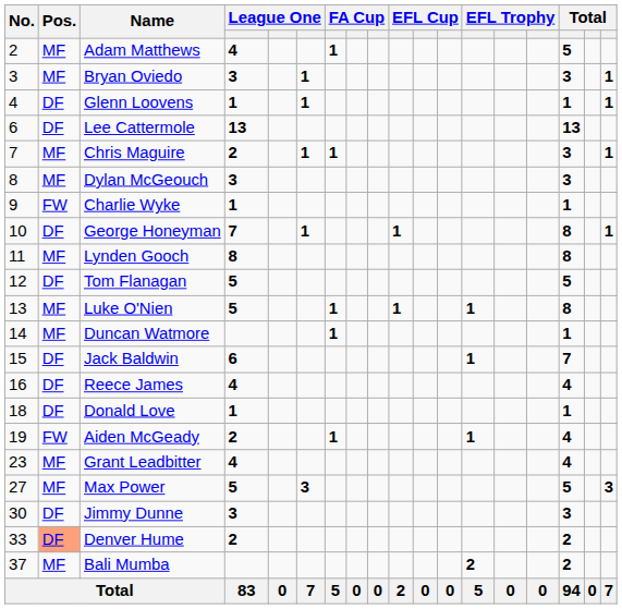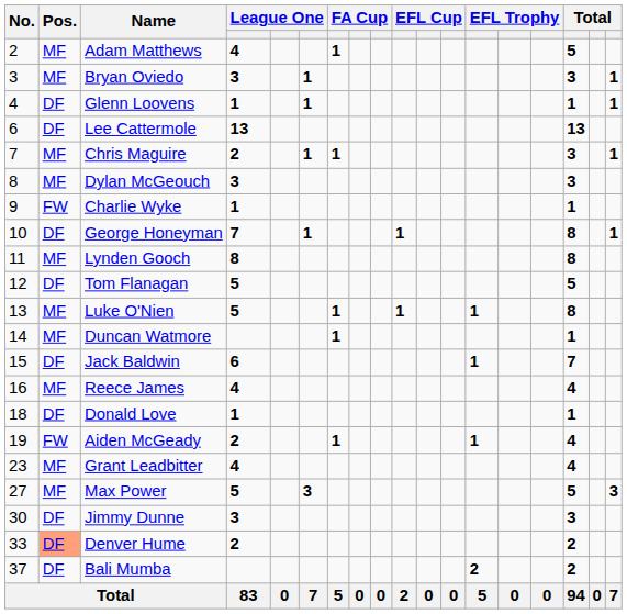 <table class="wikitable sortable" style="90% text-align: center">
 <tr>
 <th rowspan="2">No.</th>
 <th rowspan="2">Pos.</th>
 <th rowspan="2">Name</th>
 <th colspan="3"><a href='#'>League One</a></th>
 <th colspan="3"><a href='#'>FA Cup</a></th>
 <th colspan="3"><a href='#'>EFL Cup</a></th>
 <th colspan="3"><a href='#'>EFL Trophy</a></th>
 <th colspan="3">Total</th>
 </tr>
 <tr>
 <th></th>
 <th></th>
 <th></th>
 <th></th>
 <th></th>
 <th></th>
 <th></th>
 <th></th>
 <th></th>
 <th></th>
 <th></th>
 <th></th>
 <th></th>
 <th></th>
 <th></th>
 </tr>
 <tr>
 <td>2</td>
 <td><a href='#'>MF</a></td>
 <td><a href='#'>Adam Matthews</a></td>
 <td><strong>4</strong></td>
 <td><strong></strong></td>
 <td><strong></strong></td>
 <td><strong>1</strong></td>
 <td><strong></strong></td>
 <td><strong></strong></td>
 <td><strong></strong></td>
 <td><strong></strong></td>
 <td><strong></strong></td>
 <td><strong></strong></td>
 <td><strong></strong></td>
 <td><strong></strong></td>
 <td><strong>5</strong></td>
 <td><strong></strong></td>
 <td><strong> </strong></td>
 </tr>
 <tr>
 <td>3</td>
 <td><a href='#'>MF</a></td>
 <td><a href='#'>Bryan Oviedo</a></td>
 <td><strong>3</strong></td>
 <td><strong></strong></td>
 <td><strong>1</strong></td>
 <td><strong></strong></td>
 <td><strong></strong></td>
 <td><strong></strong></td>
 <td><strong></strong></td>
 <td><strong></strong></td>
 <td><strong></strong></td>
 <td><strong></strong></td>
 <td><strong></strong></td>
 <td><strong></strong></td>
 <td><strong>3</strong></td>
 <td><strong></strong></td>
 <td><strong>1</strong></td>
 </tr>
 <tr>
 <td>4</td>
 <td><a href='#'>DF</a></td>
 <td><a href='#'>Glenn Loovens</a></td>
 <td><strong>1</strong></td>
 <td><strong></strong></td>
 <td><strong>1</strong></td>
 <td><strong></strong></td>
 <td><strong></strong></td>
 <td><strong></strong></td>
 <td><strong></strong></td>
 <td><strong></strong></td>
 <td><strong></strong></td>
 <td><strong></strong></td>
 <td><strong></strong></td>
 <td><strong></strong></td>
 <td><strong>1</strong></td>
 <td><strong></strong></td>
 <td><strong>1</strong></td>
 </tr>
 <tr>
 <td>6</td>
 <td><a href='#'>DF</a></td>
 <td><a href='#'>Lee Cattermole</a></td>
 <td><strong>13</strong></td>
 <td><strong></strong></td>
 <td><strong></strong></td>
 <td><strong></strong></td>
 <td><strong></strong></td>
 <td><strong></strong></td>
 <td><strong></strong></td>
 <td><strong></strong></td>
 <td><strong></strong></td>
 <td><strong></strong></td>
 <td><strong></strong></td>
 <td><strong></strong></td>
 <td><strong>13</strong></td>
 <td><strong></strong></td>
 <td><strong> </strong></td>
 </tr>
 <tr>
 <td>7</td>
 <td><a href='#'>MF</a></td>
 <td><a href='#'>Chris Maguire</a></td>
 <td><strong>2</strong></td>
 <td><strong></strong></td>
 <td><strong>1</strong></td>
 <td><strong>1</strong></td>
 <td><strong></strong></td>
 <td><strong></strong></td>
 <td><strong></strong></td>
 <td><strong></strong></td>
 <td><strong></strong></td>
 <td><strong></strong></td>
 <td><strong></strong></td>
 <td><strong></strong></td>
 <td><strong>3</strong></td>
 <td><strong></strong></td>
 <td><strong>1</strong></td>
 </tr>
 <tr>
 <td>8</td>
 <td><a href='#'>MF</a></td>
 <td><a href='#'>Dylan McGeouch</a></td>
 <td><strong>3</strong></td>
 <td><strong></strong></td>
 <td><strong></strong></td>
 <td><strong></strong></td>
 <td><strong></strong></td>
 <td><strong></strong></td>
 <td><strong></strong></td>
 <td><strong></strong></td>
 <td><strong></strong></td>
 <td><strong></strong></td>
 <td><strong></strong></td>
 <td><strong></strong></td>
 <td><strong>3</strong></td>
 <td><strong></strong></td>
 <td><strong> </strong></td>
 </tr>
 <tr>
 <td>9</td>
 <td><a href='#'>FW</a></td>
 <td><a href='#'>Charlie Wyke</a></td>
 <td><strong>1</strong></td>
 <td><strong></strong></td>
 <td><strong> </strong></td>
 <td><strong></strong></td>
 <td><strong></strong></td>
 <td><strong></strong></td>
 <td><strong></strong></td>
 <td><strong></strong></td>
 <td><strong></strong></td>
 <td><strong></strong></td>
 <td><strong></strong></td>
 <td><strong></strong></td>
 <td><strong>1</strong></td>
 <td><strong></strong></td>
 <td><strong> </strong></td>
 </tr>
 <tr>
 <td>10</td>
 <td><a href='#'>DF</a></td>
 <td><a href='#'>George Honeyman</a></td>
 <td><strong>7</strong></td>
 <td><strong></strong></td>
 <td><strong>1</strong></td>
 <td><strong></strong></td>
 <td><strong></strong></td>
 <td><strong></strong></td>
 <td><strong>1</strong></td>
 <td><strong></strong></td>
 <td><strong></strong></td>
 <td><strong></strong></td>
 <td><strong></strong></td>
 <td><strong></strong></td>
 <td><strong>8</strong></td>
 <td><strong></strong></td>
 <td><strong>1</strong></td>
 </tr>
 <tr>
 <td>11</td>
 <td><a href='#'>MF</a></td>
 <td><a href='#'>Lynden Gooch</a></td>
 <td><strong>8</strong></td>
 <td><strong></strong></td>
 <td><strong></strong></td>
 <td><strong></strong></td>
 <td><strong></strong></td>
 <td><strong></strong></td>
 <td><strong></strong></td>
 <td><strong></strong></td>
 <td><strong></strong></td>
 <td><strong></strong></td>
 <td><strong></strong></td>
 <td><strong></strong></td>
 <td><strong>8</strong></td>
 <td><strong></strong></td>
 <td><strong> </strong></td>
 </tr>
 <tr>
 <td>12</td>
 <td><a href='#'>DF</a></td>
 <td><a href='#'>Tom Flanagan</a></td>
 <td><strong>5</strong></td>
 <td><strong></strong></td>
 <td><strong></strong></td>
 <td><strong></strong></td>
 <td><strong></strong></td>
 <td><strong></strong></td>
 <td><strong></strong></td>
 <td><strong></strong></td>
 <td><strong></strong></td>
 <td><strong></strong></td>
 <td><strong></strong></td>
 <td><strong></strong></td>
 <td><strong>5</strong></td>
 <td><strong></strong></td>
 <td><strong> </strong></td>
 </tr>
 <tr>
 <td>13</td>
 <td><a href='#'>MF</a></td>
 <td><a href='#'>Luke O'Nien</a></td>
 <td><strong>5</strong></td>
 <td><strong></strong></td>
 <td><strong></strong></td>
 <td><strong>1</strong></td>
 <td><strong></strong></td>
 <td><strong></strong></td>
 <td><strong>1</strong></td>
 <td><strong></strong></td>
 <td><strong></strong></td>
 <td><strong>1</strong></td>
 <td><strong></strong></td>
 <td><strong></strong></td>
 <td><strong>8</strong></td>
 <td><strong></strong></td>
 <td><strong> </strong></td>
 </tr>
 <tr>
 <td>14</td>
 <td><a href='#'>MF</a></td>
 <td><a href='#'>Duncan Watmore</a></td>
 <td><strong></strong></td>
 <td><strong></strong></td>
 <td><strong></strong></td>
 <td><strong>1</strong></td>
 <td><strong></strong></td>
 <td><strong></strong></td>
 <td><strong></strong></td>
 <td><strong></strong></td>
 <td><strong></strong></td>
 <td><strong></strong></td>
 <td><strong></strong></td>
 <td><strong></strong></td>
 <td><strong>1</strong></td>
 <td><strong></strong></td>
 <td><strong> </strong></td>
 </tr>
 <tr>
 <td>15</td>
 <td><a href='#'>DF</a></td>
 <td><a href='#'>Jack Baldwin</a></td>
 <td><strong>6</strong></td>
 <td><strong></strong></td>
 <td><strong></strong></td>
 <td><strong></strong></td>
 <td><strong></strong></td>
 <td><strong></strong></td>
 <td><strong></strong></td>
 <td><strong></strong></td>
 <td><strong></strong></td>
 <td><strong>1</strong></td>
 <td><strong></strong></td>
 <td><strong></strong></td>
 <td><strong>7</strong></td>
 <td><strong></strong></td>
 <td><strong> </strong></td>
 </tr>
 <tr>
 <td>16</td>
-<td><a href='#'>DF</a></td>
+<td><a href='#'>MF</a></td>
 <td><a href='#'>Reece James</a></td>
 <td><strong>4</strong></td>
 <td><strong></strong></td>
 <td><strong></strong></td>
 <td><strong></strong></td>
 <td><strong></strong></td>
 <td><strong></strong></td>
 <td><strong></strong></td>
 <td><strong></strong></td>
 <td><strong></strong></td>
 <td><strong></strong></td>
 <td><strong></strong></td>
 <td><strong></strong></td>
 <td><strong>4</strong></td>
 <td><strong></strong></td>
 <td><strong> </strong></td>
 </tr>
 <tr>
 <td>18</td>
 <td><a href='#'>DF</a></td>
 <td><a href='#'>Donald Love</a></td>
 <td><strong>1</strong></td>
 <td><strong></strong></td>
 <td><strong></strong></td>
 <td><strong></strong></td>
 <td><strong></strong></td>
 <td><strong></strong></td>
 <td><strong></strong></td>
 <td><strong></strong></td>
 <td><strong></strong></td>
 <td><strong></strong></td>
 <td><strong></strong></td>
 <td><strong></strong></td>
 <td><strong>1</strong></td>
 <td><strong></strong></td>
 <td><strong> </strong></td>
 </tr>
 <tr>
 <td>19</td>
 <td><a href='#'>FW</a></td>
 <td><a href='#'>Aiden McGeady</a></td>
 <td><strong>2</strong></td>
 <td><strong></strong></td>
 <td><strong></strong></td>
 <td><strong>1</strong></td>
 <td><strong></strong></td>
 <td><strong></strong></td>
 <td><strong> </strong></td>
 <td><strong></strong></td>
 <td><strong></strong></td>
 <td><strong>1</strong></td>
 <td><strong></strong></td>
 <td><strong></strong></td>
 <td><strong>4</strong></td>
 <td><strong></strong></td>
 <td><strong> </strong></td>
 </tr>
 <tr>
 <td>23</td>
 <td><a href='#'>MF</a></td>
 <td><a href='#'>Grant Leadbitter</a></td>
 <td><strong>4</strong></td>
 <td><strong></strong></td>
 <td><strong></strong></td>
 <td><strong> </strong></td>
 <td><strong></strong></td>
 <td><strong></strong></td>
 <td><strong> </strong></td>
 <td><strong></strong></td>
 <td><strong></strong></td>
 <td><strong> </strong></td>
 <td><strong></strong></td>
 <td><strong></strong></td>
 <td><strong>4</strong></td>
 <td><strong></strong></td>
 <td><strong> </strong></td>
 </tr>
 <tr>
 <td>27</td>
 <td><a href='#'>MF</a></td>
 <td><a href='#'>Max Power</a></td>
 <td><strong>5</strong></td>
 <td><strong></strong></td>
 <td><strong>3</strong></td>
 <td><strong></strong></td>
 <td><strong></strong></td>
 <td><strong></strong></td>
 <td><strong></strong></td>
 <td><strong></strong></td>
 <td><strong></strong></td>
 <td><strong></strong></td>
 <td><strong></strong></td>
 <td><strong></strong></td>
 <td><strong>5</strong></td>
 <td><strong></strong></td>
 <td><strong>3</strong></td>
 </tr>
 <tr>
 <td>30</td>
 <td><a href='#'>DF</a></td>
 <td><a href='#'>Jimmy Dunne</a></td>
 <td><strong>3</strong></td>
 <td><strong></strong></td>
 <td><strong></strong></td>
 <td><strong></strong></td>
 <td><strong></strong></td>
 <td><strong></strong></td>
 <td><strong></strong></td>
 <td><strong></strong></td>
 <td><strong></strong></td>
 <td><strong></strong></td>
 <td><strong></strong></td>
 <td><strong></strong></td>
 <td><strong>3</strong></td>
 <td><strong></strong></td>
 <td><strong> </strong></td>
 </tr>
 <tr>
 <td>33</td>
 <td style="background: lightsalmon;"><a href='#'>DF</a></td>
 <td><a href='#'>Denver Hume</a></td>
 <td><strong>2</strong></td>
 <td><strong></strong></td>
 <td><strong></strong></td>
 <td><strong></strong></td>
 <td><strong></strong></td>
 <td><strong></strong></td>
 <td><strong></strong></td>
 <td><strong></strong></td>
 <td><strong></strong></td>
 <td><strong></strong></td>
 <td><strong></strong></td>
 <td><strong></strong></td>
 <td><strong>2</strong></td>
 <td><strong></strong></td>
 <td><strong> </strong></td>
 </tr>
 <tr>
 <td>37</td>
-<td><a href='#'>MF</a></td>
+<td><a href='#'>DF</a></td>
 <td><a href='#'>Bali Mumba</a></td>
 <td><strong> </strong></td>
 <td><strong></strong></td>
 <td><strong> </strong></td>
 <td><strong></strong></td>
 <td><strong></strong></td>
 <td><strong></strong></td>
 <td><strong></strong></td>
 <td><strong></strong></td>
 <td><strong></strong></td>
 <td><strong>2</strong></td>
 <td><strong></strong></td>
 <td><strong></strong></td>
 <td><strong>2</strong></td>
 <td><strong></strong></td>
 <td><strong> </strong></td>
 </tr>
 <tr>
 <th colspan=3>Total</th>
 <th>83</th>
 <th>0</th>
 <th>7</th>
 <th>5</th>
 <th>0</th>
 <th>0</th>
 <th>2</th>
 <th>0</th>
 <th>0</th>
 <th>5</th>
 <th>0</th>
 <th>0</th>
 <th>94</th>
 <th>0</th>
 <th>7</th>
 </tr>
 </table>
